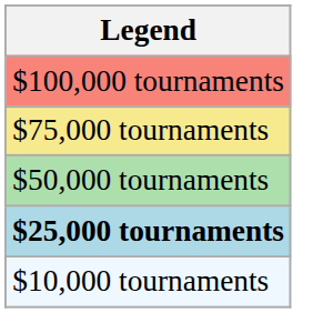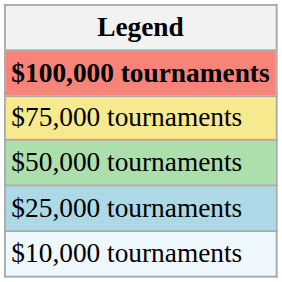 <table class="wikitable" style="font-size:90%;">
 <tr>
 <th>Legend</th>
 </tr>
 <tr style="background:#f88379;">
-<td>$100,000 tournaments</td>
+<td><strong>$100,000 tournaments</strong></td>
 </tr>
 <tr style="background:#f7e98e;">
 <td>$75,000 tournaments</td>
 </tr>
 <tr style="background:#addfad;">
 <td>$50,000 tournaments</td>
 </tr>
 <tr style="background:lightblue;">
-<td><strong>$25,000 tournaments</strong></td>
+<td>$25,000 tournaments</td>
 </tr>
 <tr style="background:#f0f8ff;">
 <td>$10,000 tournaments</td>
 </tr>
 </table>
